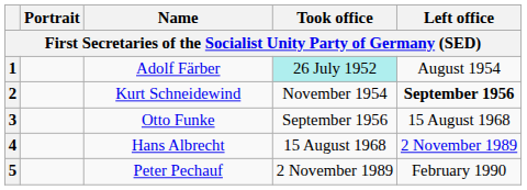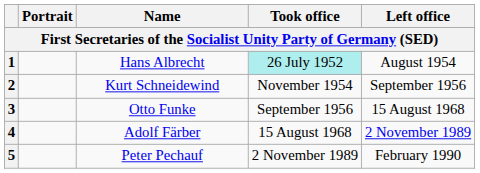 <table class="wikitable" style="text-align:center">
 <tr>
 <th></th>
 <th>Portrait</th>
 <th width=180>Name<br></th>
 <th>Took office</th>
 <th>Left office</th>
 </tr>
 <tr>
 <th colspan=5>First Secretaries of the <a href='#'>Socialist Unity Party of Germany</a> (SED)</th>
 </tr>
 <tr>
 <th style="background:">1</th>
 <td></td>
-<td><a href='#'>Adolf Färber</a><br></td>
+<td><a href='#'>Hans Albrecht</a><br></td>
 <td style="background: paleturquoise;">26 July 1952</td>
 <td>August 1954</td>
 </tr>
 <tr>
 <th style="background:">2</th>
 <td></td>
 <td><a href='#'>Kurt Schneidewind</a><br></td>
 <td>November 1954</td>
-<td><strong>September 1956</strong></td>
+<td>September 1956</td>
 </tr>
 <tr>
 <th style="background:">3</th>
 <td></td>
 <td><a href='#'>Otto Funke</a><br></td>
 <td>September 1956</td>
 <td>15 August 1968<br></td>
 </tr>
 <tr>
 <th style="background:">4</th>
 <td></td>
-<td><a href='#'>Hans Albrecht</a><br></td>
+<td><a href='#'>Adolf Färber</a><br></td>
 <td>15 August 1968</td>
 <td><a href='#'>2 November 1989<br></a></td>
 </tr>
 <tr>
 <th style="background:">5</th>
 <td></td>
 <td><a href='#'>Peter Pechauf</a><br></td>
 <td>2 November 1989</td>
 <td>February 1990</td>
 </tr>
 </table>
